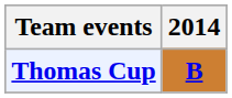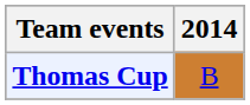 <table class="wikitable" style="font-size: 90%; text-align:center">
 <tr>
 <th>Team events</th>
 <th>2014</th>
 </tr>
 <tr>
 <td bgcolor="#ECF2FF"; align="left"><strong><a href='#'>Thomas Cup</a></strong></td>
-<td bgcolor=CD7F32><strong><a href='#'>B</a></strong></td>
+<td bgcolor=CD7F32><a href='#'>B</a></td>
 </tr>
 </table>
